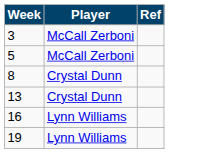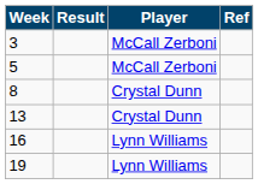 <table class=wikitable>
 <tr>
 <th style="background:#01426A; color:white;">Week</th>
+<th style="background:#01426A; color:white;">Result</th>
 <th style="background:#01426A; color:white;">Player</th>
 <th style="background:#01426A; color:white;">Ref</th>
 </tr>
 <tr>
 <td>3</td>
+<td></td>
 <td> <a href='#'>McCall Zerboni</a></td>
 <td></td>
 </tr>
 <tr>
 <td>5</td>
+<td></td>
 <td> <a href='#'>McCall Zerboni</a></td>
 <td></td>
 </tr>
 <tr>
 <td>8</td>
+<td></td>
 <td> <a href='#'>Crystal Dunn</a></td>
 <td></td>
 </tr>
 <tr>
 <td>13</td>
+<td></td>
 <td> <a href='#'>Crystal Dunn</a></td>
 <td></td>
 </tr>
 <tr>
 <td>16</td>
+<td></td>
 <td> <a href='#'>Lynn Williams</a></td>
 <td></td>
 </tr>
 <tr>
 <td>19</td>
+<td></td>
 <td> <a href='#'>Lynn Williams</a></td>
 <td></td>
 </tr>
 </table>
